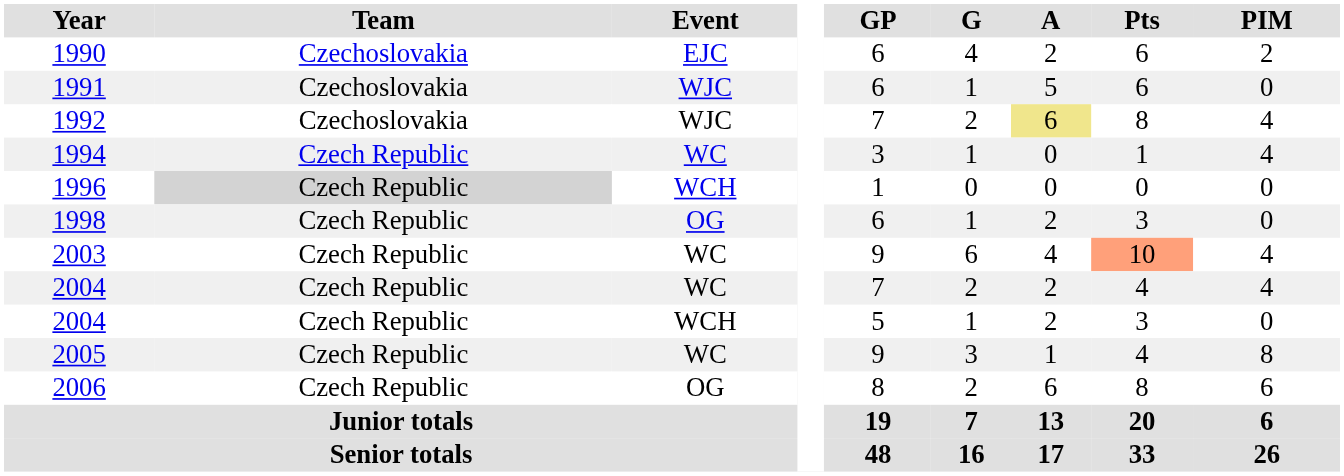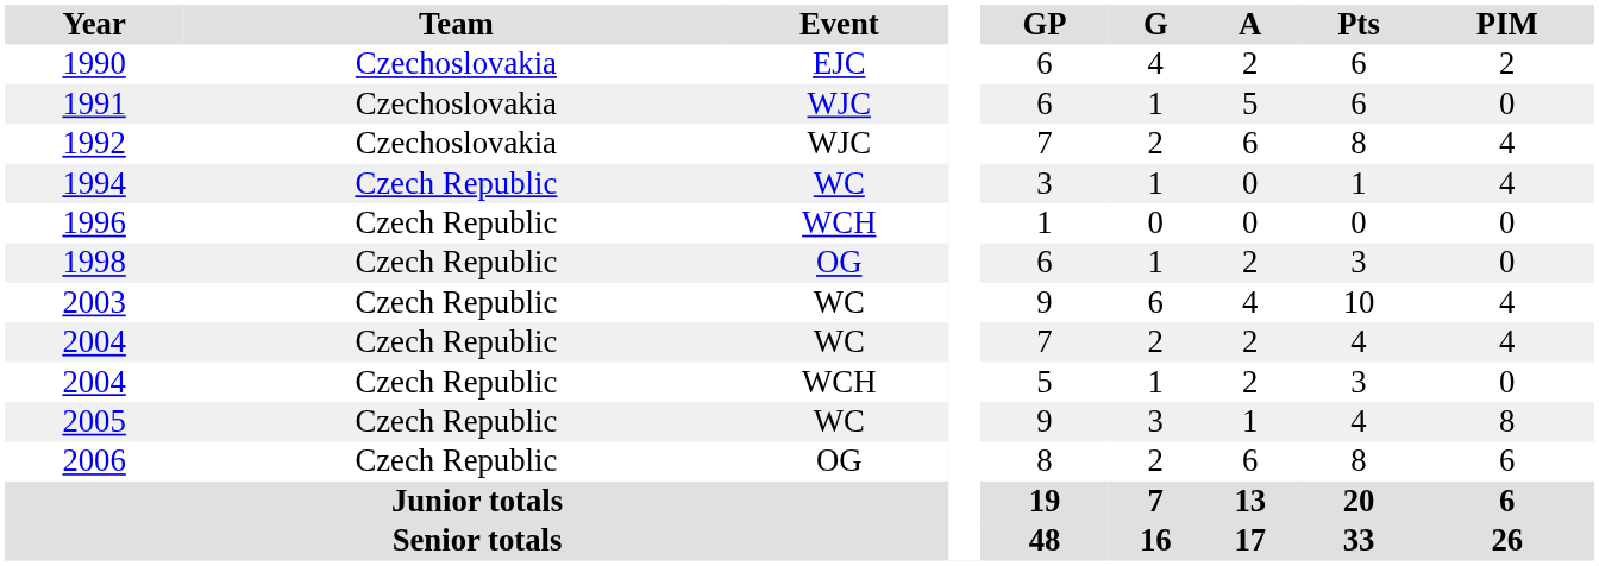 <table border="0" cellpadding="1" cellspacing="0" style="text-align:center; width:50em">
 <tr ALIGN="center" bgcolor="#e0e0e0">
 <th>Year</th>
 <th>Team</th>
 <th>Event</th>
 <th rowspan="99" bgcolor="#ffffff"> </th>
 <th>GP</th>
 <th>G</th>
 <th>A</th>
 <th>Pts</th>
 <th>PIM</th>
 </tr>
 <tr>
 <td><a href='#'>1990</a></td>
 <td><a href='#'>Czechoslovakia</a></td>
 <td><a href='#'>EJC</a></td>
 <td>6</td>
 <td>4</td>
 <td>2</td>
 <td>6</td>
 <td>2</td>
 </tr>
 <tr bgcolor="#f0f0f0">
 <td><a href='#'>1991</a></td>
 <td>Czechoslovakia</td>
 <td><a href='#'>WJC</a></td>
 <td>6</td>
 <td>1</td>
 <td>5</td>
 <td>6</td>
 <td>0</td>
 </tr>
 <tr>
 <td><a href='#'>1992</a></td>
 <td>Czechoslovakia</td>
 <td>WJC</td>
 <td>7</td>
 <td>2</td>
-<td style="background: khaki;">6</td>
+<td>6</td>
 <td>8</td>
 <td>4</td>
 </tr>
 <tr bgcolor="#f0f0f0">
 <td><a href='#'>1994</a></td>
 <td><a href='#'>Czech Republic</a></td>
 <td><a href='#'>WC</a></td>
 <td>3</td>
 <td>1</td>
 <td>0</td>
 <td>1</td>
 <td>4</td>
 </tr>
 <tr>
 <td><a href='#'>1996</a></td>
-<td style="background: lightgrey;">Czech Republic</td>
+<td>Czech Republic</td>
 <td><a href='#'>WCH</a></td>
 <td>1</td>
 <td>0</td>
 <td>0</td>
 <td>0</td>
 <td>0</td>
 </tr>
 <tr bgcolor="#f0f0f0">
 <td><a href='#'>1998</a></td>
 <td>Czech Republic</td>
 <td><a href='#'>OG</a></td>
 <td>6</td>
 <td>1</td>
 <td>2</td>
 <td>3</td>
 <td>0</td>
 </tr>
 <tr>
 <td><a href='#'>2003</a></td>
 <td>Czech Republic</td>
 <td>WC</td>
 <td>9</td>
 <td>6</td>
 <td>4</td>
-<td style="background: lightsalmon;">10</td>
+<td>10</td>
 <td>4</td>
 </tr>
 <tr bgcolor="#f0f0f0">
 <td><a href='#'>2004</a></td>
 <td>Czech Republic</td>
 <td>WC</td>
 <td>7</td>
 <td>2</td>
 <td>2</td>
 <td>4</td>
 <td>4</td>
 </tr>
 <tr>
 <td><a href='#'>2004</a></td>
 <td>Czech Republic</td>
 <td>WCH</td>
 <td>5</td>
 <td>1</td>
 <td>2</td>
 <td>3</td>
 <td>0</td>
 </tr>
 <tr bgcolor="#f0f0f0">
 <td><a href='#'>2005</a></td>
 <td>Czech Republic</td>
 <td>WC</td>
 <td>9</td>
 <td>3</td>
 <td>1</td>
 <td>4</td>
 <td>8</td>
 </tr>
 <tr>
 <td><a href='#'>2006</a></td>
 <td>Czech Republic</td>
 <td>OG</td>
 <td>8</td>
 <td>2</td>
 <td>6</td>
 <td>8</td>
 <td>6</td>
 </tr>
 <tr bgcolor="#e0e0e0">
 <th colspan=3>Junior totals</th>
 <th>19</th>
 <th>7</th>
 <th>13</th>
 <th>20</th>
 <th>6</th>
 </tr>
 <tr bgcolor="#e0e0e0">
 <th colspan=3>Senior totals</th>
 <th>48</th>
 <th>16</th>
 <th>17</th>
 <th>33</th>
 <th>26</th>
 </tr>
 </table>
